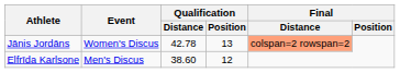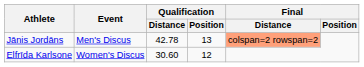 <table class=wikitable style="font-size:90%">
 <tr>
 <th rowspan="2">Athlete</th>
 <th rowspan="2">Event</th>
 <th colspan="2">Qualification</th>
 <th colspan="2">Final</th>
 </tr>
 <tr style="font-size:95%">
 <th>Distance</th>
 <th>Position</th>
 <th>Distance</th>
 <th>Position</th>
 </tr>
 <tr align=center>
 <td align=left><a href='#'>Jānis Jordāns</a></td>
-<td align=left><a href='#'>Women's Discus</a></td>
+<td align=left><a href='#'>Men's Discus</a></td>
 <td>42.78</td>
 <td>13</td>
 <td style="background: lightsalmon;">colspan=2 rowspan=2 </td>
 </tr>
 <tr align=center>
 <td align=left><a href='#'>Elfrīda Karlsone</a></td>
-<td align=left><a href='#'>Men's Discus</a></td>
-<td>38.60</td>
+<td align=left><a href='#'>Women's Discus</a></td>
+<td>30.60</td>
 <td>12</td>
 </tr>
 </table>
